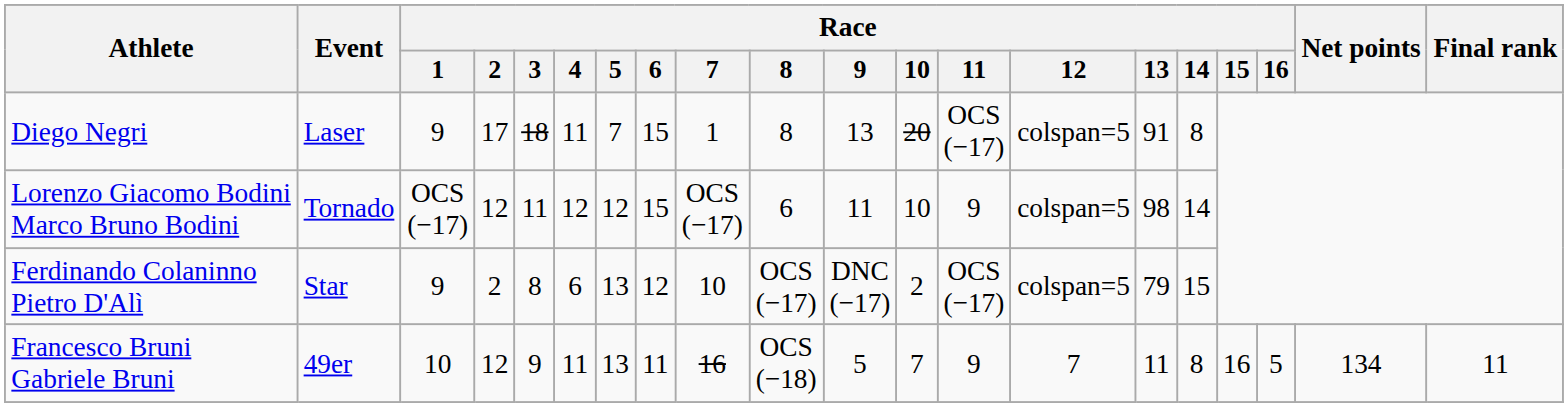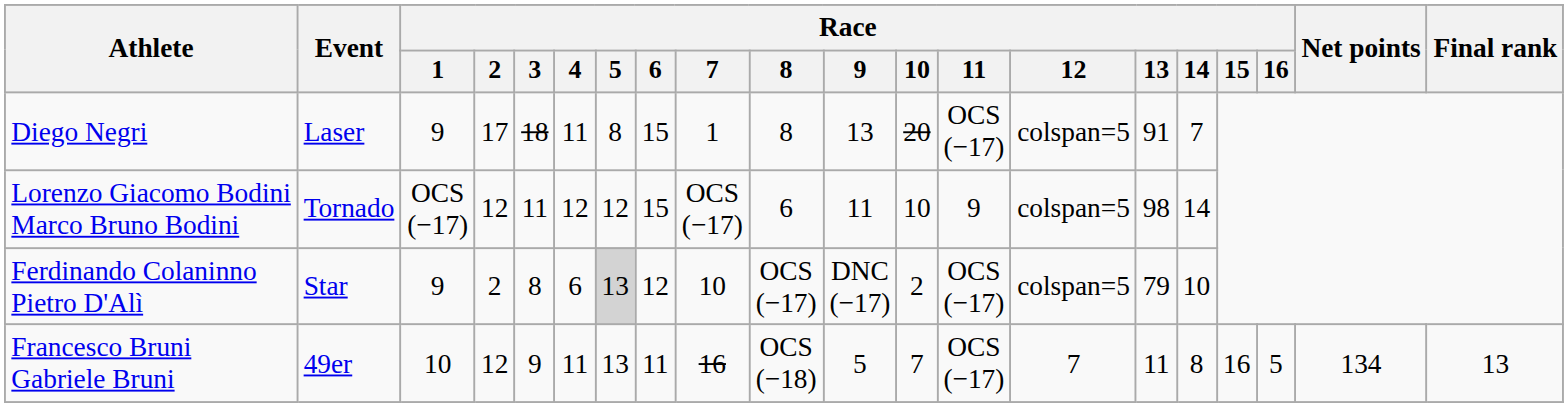 <table class="wikitable" style="font-size:90%">
 <tr>
 <th rowspan=2>Athlete</th>
 <th rowspan=2>Event</th>
 <th colspan=16>Race</th>
 <th rowspan=2>Net points</th>
 <th rowspan=2>Final rank</th>
 </tr>
 <tr style="font-size:95%">
 <th>1</th>
 <th>2</th>
 <th>3</th>
 <th>4</th>
 <th>5</th>
 <th>6</th>
 <th>7</th>
 <th>8</th>
 <th>9</th>
 <th>10</th>
 <th>11</th>
 <th>12</th>
 <th>13</th>
 <th>14</th>
 <th>15</th>
 <th>16</th>
 </tr>
 <tr align=center>
 <td align=left><a href='#'>Diego Negri</a></td>
 <td align=left><a href='#'>Laser</a></td>
 <td>9</td>
 <td>17</td>
 <td><s>18</s></td>
 <td>11</td>
-<td>7</td>
+<td>8</td>
 <td>15</td>
 <td>1</td>
 <td>8</td>
 <td>13</td>
 <td><s>20</s></td>
 <td>OCS<br> (−17)</td>
 <td>colspan=5 </td>
 <td>91</td>
-<td>8</td>
+<td>7</td>
 </tr>
 <tr align=center>
 <td align=left><a href='#'>Lorenzo Giacomo Bodini</a><br> <a href='#'>Marco Bruno Bodini</a></td>
 <td align=left><a href='#'>Tornado</a></td>
 <td>OCS<br>(−17)</td>
 <td>12</td>
 <td>11</td>
 <td>12</td>
 <td>12</td>
 <td>15</td>
 <td>OCS<br>(−17)</td>
 <td>6</td>
 <td>11</td>
 <td>10</td>
 <td>9</td>
 <td>colspan=5 </td>
 <td>98</td>
 <td>14</td>
 </tr>
 <tr align=center>
 <td align=left><a href='#'>Ferdinando Colaninno</a><br><a href='#'>Pietro D'Alì</a></td>
 <td align=left><a href='#'>Star</a></td>
 <td>9</td>
 <td>2</td>
 <td>8</td>
 <td>6</td>
-<td>13</td>
+<td style="background: lightgrey;">13</td>
 <td>12</td>
 <td>10</td>
 <td>OCS<br> (−17)</td>
 <td>DNC<br> (−17)</td>
 <td>2</td>
 <td>OCS<br> (−17)</td>
 <td>colspan=5 </td>
 <td>79</td>
-<td>15</td>
+<td>10</td>
 </tr>
 <tr align=center>
 <td align=left><a href='#'>Francesco Bruni</a><br> <a href='#'>Gabriele Bruni</a></td>
 <td align=left><a href='#'>49er</a></td>
 <td>10</td>
 <td>12</td>
 <td>9</td>
 <td>11</td>
 <td>13</td>
 <td>11</td>
 <td><s>16</s></td>
 <td>OCS<br>(−18)</td>
 <td>5</td>
 <td>7</td>
-<td>9</td>
+<td>OCS<br> (−17)</td>
 <td>7</td>
 <td>11</td>
 <td>8</td>
 <td>16</td>
 <td>5</td>
 <td>134</td>
-<td>11</td>
+<td>13</td>
 </tr>
 </table>
